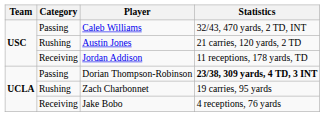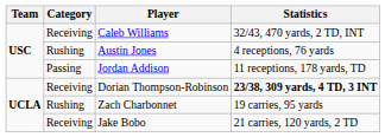 <table class="wikitable" style="float: right;">
 <tr>
 <th>Team</th>
 <th>Category</th>
 <th>Player</th>
 <th>Statistics</th>
 </tr>
 <tr>
 <td rowspan=3><strong>USC</strong></td>
-<td>Passing</td>
+<td>Receiving</td>
 <td><a href='#'>Caleb Williams</a></td>
 <td>32/43, 470 yards, 2 TD, INT</td>
 </tr>
 <tr>
 <td>Rushing</td>
 <td><a href='#'>Austin Jones</a></td>
-<td>21 carries, 120 yards, 2 TD</td>
+<td>4 receptions, 76 yards</td>
 </tr>
 <tr>
-<td>Receiving</td>
+<td>Passing</td>
 <td><a href='#'>Jordan Addison</a></td>
 <td>11 receptions, 178 yards, TD</td>
 </tr>
 <tr>
 <td rowspan=3><strong>UCLA</strong></td>
-<td>Passing</td>
+<td>Receiving</td>
 <td>Dorian Thompson-Robinson</td>
 <td><strong>23/38, 309 yards, 4 TD, 3 INT</strong></td>
 </tr>
 <tr>
 <td>Rushing</td>
 <td>Zach Charbonnet</td>
 <td>19 carries, 95 yards</td>
 </tr>
 <tr>
 <td>Receiving</td>
 <td>Jake Bobo</td>
-<td>4 receptions, 76 yards</td>
+<td>21 carries, 120 yards, 2 TD</td>
 </tr>
 </table>
